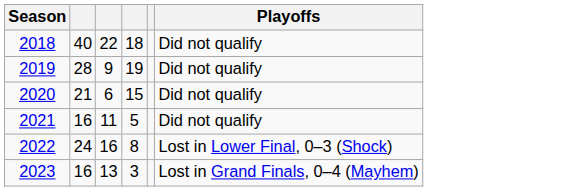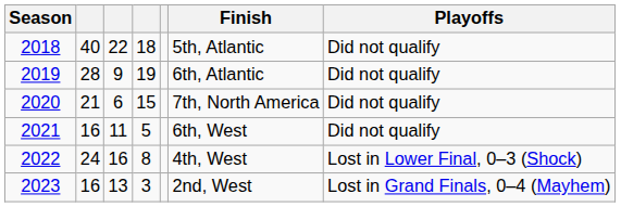 <table class="wikitable" style="text-align:center;">
 <tr>
 <th style="background:#">Season</th>
 <th style="background:#"></th>
 <th style="background:#"></th>
 <th style="background:#"></th>
 <th style="background:#"></th>
+<th style="background:#">Finish</th>
 <th style="background:#">Playoffs</th>
 </tr>
 <tr>
 <td><a href='#'>2018</a></td>
 <td>40</td>
 <td>22</td>
 <td>18</td>
 <td></td>
+<td style="text-align:left">5th, Atlantic</td>
 <td style="text-align:left">Did not qualify</td>
 </tr>
 <tr>
 <td><a href='#'>2019</a></td>
 <td>28</td>
 <td>9</td>
 <td>19</td>
 <td></td>
+<td style="text-align:left">6th, Atlantic</td>
 <td style="text-align:left">Did not qualify</td>
 </tr>
 <tr>
 <td><a href='#'>2020</a></td>
 <td>21</td>
 <td>6</td>
 <td>15</td>
 <td></td>
+<td style="text-align:left">7th, North America</td>
 <td style="text-align:left">Did not qualify</td>
 </tr>
 <tr>
 <td><a href='#'>2021</a></td>
 <td>16</td>
 <td>11</td>
 <td>5</td>
 <td></td>
+<td style="text-align:left">6th, West</td>
 <td style="text-align:left">Did not qualify</td>
 </tr>
 <tr>
 <td><a href='#'>2022</a></td>
 <td>24</td>
 <td>16</td>
 <td>8</td>
 <td></td>
+<td style="text-align:left">4th, West</td>
 <td style="text-align:left">Lost in <a href='#'>Lower Final</a>, 0–3 (<a href='#'>Shock</a>)</td>
 </tr>
 <tr>
 <td><a href='#'>2023</a></td>
 <td>16</td>
 <td>13</td>
 <td>3</td>
 <td></td>
+<td style="text-align:left">2nd, West</td>
 <td style="text-align:left">Lost in <a href='#'>Grand Finals</a>, 0–4 (<a href='#'>Mayhem</a>)</td>
 </tr>
 </table>
